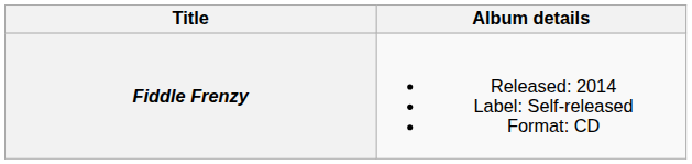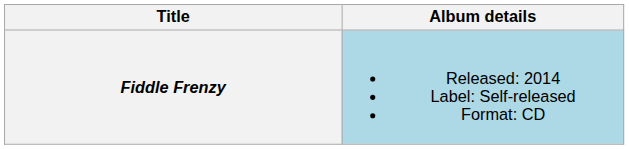 <table class="wikitable plainrowheaders" style="text-align:center">
 <tr>
 <th scope="col" rowspan="1" style="width:24em;">Title</th>
 <th scope="col" rowspan="1" style="width:19em;">Album details</th>
 </tr>
 <tr>
 <th scope="row"><em>Fiddle Frenzy</em><br> </th>
-<td><br><ul><li>Released: 2014</li><li>Label: Self-released</li><li>Format: CD</li></ul></td>
+<td style="background: lightblue;"><br><ul><li>Released: 2014</li><li>Label: Self-released</li><li>Format: CD</li></ul></td>
 </tr>
 </table>
